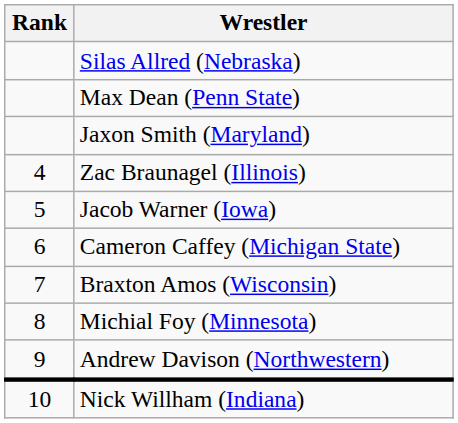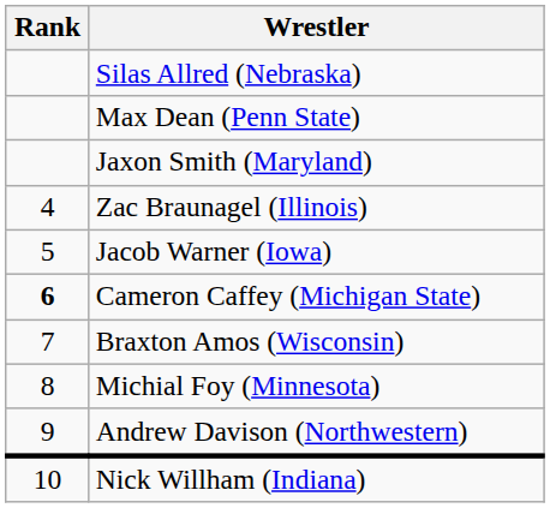 <table class="wikitable" style="text-align: center;">
 <tr>
 <th width="40">Rank</th>
 <th width="250">Wrestler</th>
 </tr>
 <tr>
 <td></td>
 <td align="left"><a href='#'>Silas Allred</a> (<a href='#'>Nebraska</a>)</td>
 </tr>
 <tr>
 <td></td>
 <td align="left">Max Dean (<a href='#'>Penn State</a>)</td>
 </tr>
 <tr>
 <td></td>
 <td align="left">Jaxon Smith (<a href='#'>Maryland</a>)</td>
 </tr>
 <tr>
 <td>4</td>
 <td align="left">Zac Braunagel (<a href='#'>Illinois</a>)</td>
 </tr>
 <tr>
 <td>5</td>
 <td align="left">Jacob Warner (<a href='#'>Iowa</a>)</td>
 </tr>
 <tr>
-<td>6</td>
+<td><strong>6</strong></td>
 <td align="left">Cameron Caffey (<a href='#'>Michigan State</a>)</td>
 </tr>
 <tr>
 <td>7</td>
 <td align="left">Braxton Amos (<a href='#'>Wisconsin</a>)</td>
 </tr>
 <tr>
 <td>8</td>
 <td align="left">Michial Foy (<a href='#'>Minnesota</a>)</td>
 </tr>
 <tr>
 <td>9</td>
 <td align="left">Andrew Davison (<a href='#'>Northwestern</a>)</td>
 </tr>
 <tr style="border-top:3px solid black">
 <td>10</td>
 <td align="left">Nick Willham (<a href='#'>Indiana</a>)</td>
 </tr>
 </table>
